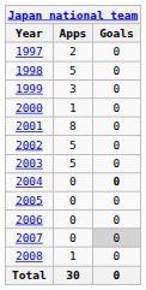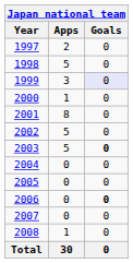 <table class="wikitable" style="text-align:center">
 <tr>
 <th colspan=3><a href='#'>Japan national team</a></th>
 </tr>
 <tr>
 <th>Year</th>
 <th>Apps</th>
 <th>Goals</th>
 </tr>
 <tr>
 <td><a href='#'>1997</a></td>
 <td>2</td>
 <td>0</td>
 </tr>
 <tr>
 <td><a href='#'>1998</a></td>
 <td>5</td>
 <td>0</td>
 </tr>
 <tr>
 <td><a href='#'>1999</a></td>
 <td>3</td>
-<td>0</td>
+<td style="background: lavender;">0</td>
 </tr>
 <tr>
 <td><a href='#'>2000</a></td>
 <td>1</td>
 <td>0</td>
 </tr>
 <tr>
 <td><a href='#'>2001</a></td>
 <td>8</td>
 <td>0</td>
 </tr>
 <tr>
 <td><a href='#'>2002</a></td>
 <td>5</td>
 <td>0</td>
 </tr>
 <tr>
 <td><a href='#'>2003</a></td>
 <td>5</td>
-<td>0</td>
+<td><strong>0</strong></td>
 </tr>
 <tr>
 <td><a href='#'>2004</a></td>
 <td>0</td>
-<td><strong>0</strong></td>
+<td>0</td>
 </tr>
 <tr>
 <td><a href='#'>2005</a></td>
 <td>0</td>
 <td>0</td>
 </tr>
 <tr>
 <td><a href='#'>2006</a></td>
 <td>0</td>
-<td>0</td>
+<td><strong>0</strong></td>
 </tr>
 <tr>
 <td><a href='#'>2007</a></td>
 <td>0</td>
-<td style="background: lightgrey;">0</td>
+<td>0</td>
 </tr>
 <tr>
 <td><a href='#'>2008</a></td>
 <td>1</td>
 <td>0</td>
 </tr>
 <tr>
 <th>Total</th>
 <th>30</th>
 <th>0</th>
 </tr>
 </table>
